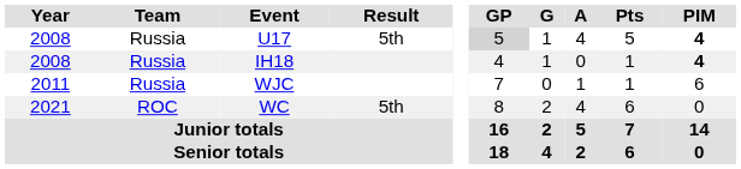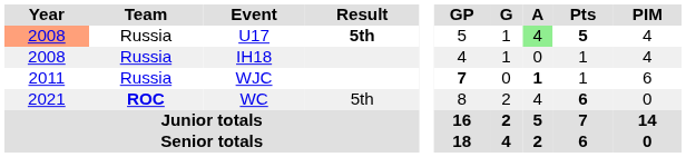 <table border="0" cellpadding="1" cellspacing="0" style="text-align:center; width:40em">
 <tr ALIGN="center" bgcolor="#e0e0e0">
 <th>Year</th>
 <th>Team</th>
 <th>Event</th>
 <th>Result</th>
 <th rowspan="99" bgcolor="#ffffff"> </th>
 <th>GP</th>
 <th>G</th>
 <th>A</th>
 <th>Pts</th>
 <th>PIM</th>
 </tr>
 <tr ALIGN="center">
-<td><a href='#'>2008</a></td>
+<td style="background: lightsalmon;"><a href='#'>2008</a></td>
 <td>Russia</td>
 <td><a href='#'>U17</a></td>
-<td>5th</td>
-<td style="background: lightgrey;">5</td>
+<td><strong>5th</strong></td>
+<td>5</td>
 <td>1</td>
+<td style="background: lightgreen;">4</td>
+<td><strong>5</strong></td>
 <td>4</td>
-<td>5</td>
-<td><strong>4</strong></td>
 </tr>
 <tr bgcolor="#f0f0f0">
 <td><a href='#'>2008</a></td>
 <td><a href='#'>Russia</a></td>
 <td><a href='#'>IH18</a></td>
 <td></td>
 <td>4</td>
 <td>1</td>
 <td>0</td>
 <td>1</td>
-<td><strong>4</strong></td>
+<td>4</td>
 </tr>
 <tr ALIGN="center">
 <td><a href='#'>2011</a></td>
 <td><a href='#'>Russia</a></td>
 <td><a href='#'>WJC</a></td>
 <td></td>
-<td>7</td>
+<td><strong>7</strong></td>
 <td>0</td>
-<td>1</td>
+<td><strong>1</strong></td>
 <td>1</td>
 <td>6</td>
 </tr>
 <tr bgcolor="#f0f0f0">
 <td><a href='#'>2021</a></td>
-<td><a href='#'>ROC</a></td>
+<td><strong><a href='#'>ROC</a></strong></td>
 <td><a href='#'>WC</a></td>
 <td>5th</td>
 <td>8</td>
 <td>2</td>
 <td>4</td>
-<td>6</td>
+<td><strong>6</strong></td>
 <td>0</td>
 </tr>
 <tr bgcolor="#e0e0e0">
 <th colspan="4">Junior totals</th>
 <th>16</th>
 <th>2</th>
 <th>5</th>
 <th>7</th>
 <th>14</th>
 </tr>
 <tr bgcolor="#e0e0e0">
 <th colspan="4">Senior totals</th>
 <th>18</th>
 <th>4</th>
 <th>2</th>
 <th>6</th>
 <th>0</th>
 </tr>
 </table>
